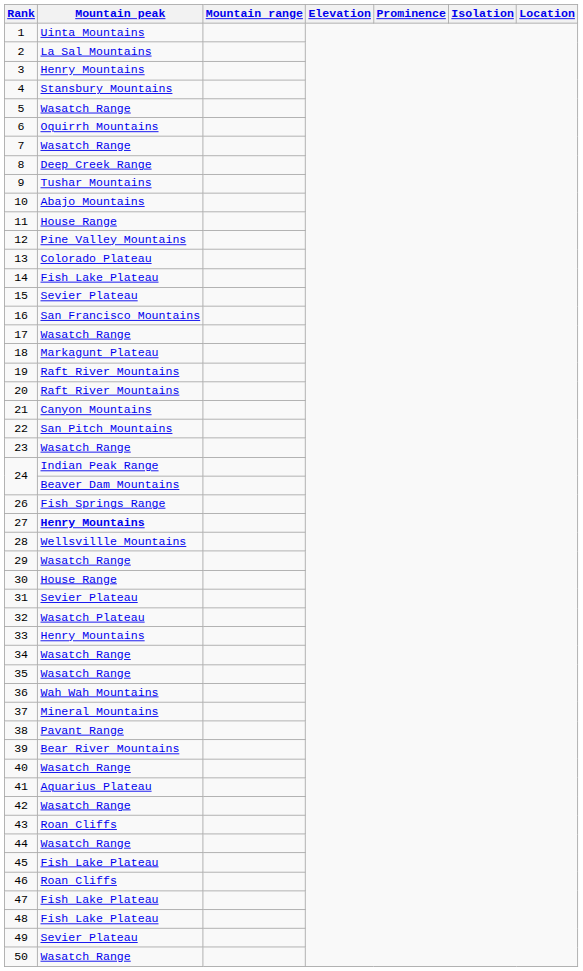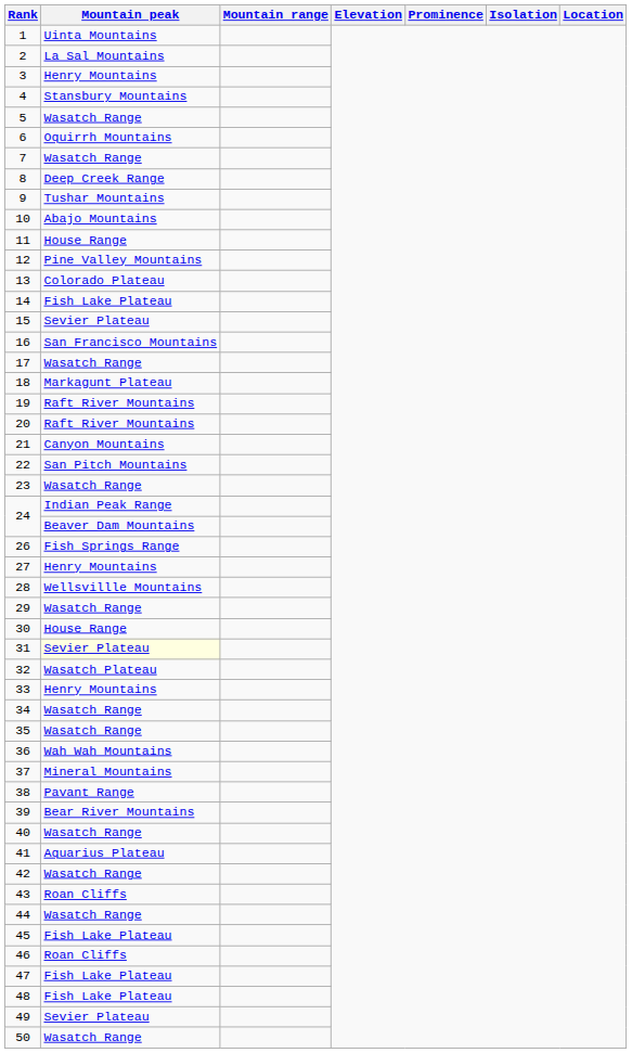 <table class="wikitable sortable">
 <tr>
 <th><a href='#'>Rank</a></th>
 <th><a href='#'>Mountain peak</a></th>
 <th><a href='#'>Mountain range</a></th>
 <th><a href='#'>Elevation</a></th>
 <th><a href='#'>Prominence</a></th>
 <th><a href='#'>Isolation</a></th>
 <th><a href='#'>Location</a></th>
 </tr>
 <tr>
 <td align=center>1<br></td>
 <td><a href='#'>Uinta Mountains</a><br></td>
 <td></td>
 </tr>
 <tr>
 <td align=center>2<br></td>
 <td><a href='#'>La Sal Mountains</a><br></td>
 <td></td>
 </tr>
 <tr>
 <td align=center>3<br></td>
 <td><a href='#'>Henry Mountains</a><br></td>
 <td></td>
 </tr>
 <tr>
 <td align=center>4<br></td>
 <td><a href='#'>Stansbury Mountains</a><br></td>
 <td></td>
 </tr>
 <tr>
 <td align=center>5<br></td>
 <td><a href='#'>Wasatch Range</a><br></td>
 <td></td>
 </tr>
 <tr>
 <td align=center>6<br></td>
 <td><a href='#'>Oquirrh Mountains</a><br></td>
 <td></td>
 </tr>
 <tr>
 <td align=center>7<br></td>
 <td><a href='#'>Wasatch Range</a><br></td>
 <td></td>
 </tr>
 <tr>
 <td align=center>8<br></td>
 <td><a href='#'>Deep Creek Range</a><br></td>
 <td></td>
 </tr>
 <tr>
 <td align=center>9<br></td>
 <td><a href='#'>Tushar Mountains</a><br></td>
 <td></td>
 </tr>
 <tr>
 <td align=center>10<br></td>
 <td><a href='#'>Abajo Mountains</a><br></td>
 <td></td>
 </tr>
 <tr>
 <td align=center>11<br></td>
 <td><a href='#'>House Range</a><br></td>
 <td></td>
 </tr>
 <tr>
 <td align=center>12<br></td>
 <td><a href='#'>Pine Valley Mountains</a><br></td>
 <td></td>
 </tr>
 <tr>
 <td align=center>13<br></td>
 <td><a href='#'>Colorado Plateau</a><br></td>
 <td></td>
 </tr>
 <tr>
 <td align=center>14<br></td>
 <td><a href='#'>Fish Lake Plateau</a><br></td>
 <td></td>
 </tr>
 <tr>
 <td align=center>15<br></td>
 <td><a href='#'>Sevier Plateau</a><br></td>
 <td></td>
 </tr>
 <tr>
 <td align=center>16<br></td>
 <td><a href='#'>San Francisco Mountains</a><br></td>
 <td></td>
 </tr>
 <tr>
 <td align=center>17<br></td>
 <td><a href='#'>Wasatch Range</a><br></td>
 <td></td>
 </tr>
 <tr>
 <td align=center>18<br></td>
 <td><a href='#'>Markagunt Plateau</a><br></td>
 <td></td>
 </tr>
 <tr>
 <td align=center>19<br></td>
 <td><a href='#'>Raft River Mountains</a><br></td>
 <td></td>
 </tr>
 <tr>
 <td align=center>20<br></td>
 <td><a href='#'>Raft River Mountains</a><br></td>
 <td></td>
 </tr>
 <tr>
 <td align=center>21<br></td>
 <td><a href='#'>Canyon Mountains</a><br></td>
 <td></td>
 </tr>
 <tr>
 <td align=center>22<br></td>
 <td><a href='#'>San Pitch Mountains</a><br></td>
 <td></td>
 </tr>
 <tr>
 <td align=center>23<br></td>
 <td><a href='#'>Wasatch Range</a><br></td>
 <td></td>
 </tr>
 <tr>
 <td align=center rowspan=2>24<br></td>
 <td><a href='#'>Indian Peak Range</a><br></td>
 <td></td>
 </tr>
 <tr>
 <td><a href='#'>Beaver Dam Mountains</a><br></td>
 <td></td>
 </tr>
 <tr>
 <td align=center>26<br></td>
 <td><a href='#'>Fish Springs Range</a><br></td>
 <td></td>
 </tr>
 <tr>
 <td align=center>27<br></td>
-<td><strong><a href='#'>Henry Mountains</a><br></strong></td>
+<td><a href='#'>Henry Mountains</a><br></td>
 <td></td>
 </tr>
 <tr>
 <td align=center>28<br></td>
 <td><a href='#'>Wellsvillle Mountains</a><br></td>
 <td></td>
 </tr>
 <tr>
 <td align=center>29<br></td>
 <td><a href='#'>Wasatch Range</a><br></td>
 <td></td>
 </tr>
 <tr>
 <td align=center>30<br></td>
 <td><a href='#'>House Range</a><br></td>
 <td></td>
 </tr>
 <tr>
 <td align=center>31<br></td>
-<td><a href='#'>Sevier Plateau</a><br></td>
+<td style="background: lightyellow;"><a href='#'>Sevier Plateau</a><br></td>
 <td></td>
 </tr>
 <tr>
 <td align=center>32<br></td>
 <td><a href='#'>Wasatch Plateau</a><br></td>
 <td></td>
 </tr>
 <tr>
 <td align=center>33<br></td>
 <td><a href='#'>Henry Mountains</a><br></td>
 <td></td>
 </tr>
 <tr>
 <td align=center>34<br></td>
 <td><a href='#'>Wasatch Range</a><br></td>
 <td></td>
 </tr>
 <tr>
 <td align=center>35<br></td>
 <td><a href='#'>Wasatch Range</a><br></td>
 <td></td>
 </tr>
 <tr>
 <td align=center>36<br></td>
 <td><a href='#'>Wah Wah Mountains</a><br></td>
 <td></td>
 </tr>
 <tr>
 <td align=center>37<br></td>
 <td><a href='#'>Mineral Mountains</a><br></td>
 <td></td>
 </tr>
 <tr>
 <td align=center>38<br></td>
 <td><a href='#'>Pavant Range</a><br></td>
 <td></td>
 </tr>
 <tr>
 <td align=center>39<br></td>
 <td><a href='#'>Bear River Mountains</a><br></td>
 <td></td>
 </tr>
 <tr>
 <td align=center>40<br></td>
 <td><a href='#'>Wasatch Range</a><br></td>
 <td></td>
 </tr>
 <tr>
 <td align=center>41<br></td>
 <td><a href='#'>Aquarius Plateau</a><br></td>
 <td></td>
 </tr>
 <tr>
 <td align=center>42<br></td>
 <td><a href='#'>Wasatch Range</a><br></td>
 <td></td>
 </tr>
 <tr>
 <td align=center>43<br></td>
 <td><a href='#'>Roan Cliffs</a><br></td>
 <td></td>
 </tr>
 <tr>
 <td align=center>44<br></td>
 <td><a href='#'>Wasatch Range</a><br></td>
 <td></td>
 </tr>
 <tr>
 <td align=center>45<br></td>
 <td><a href='#'>Fish Lake Plateau</a><br></td>
 <td></td>
 </tr>
 <tr>
 <td align=center>46<br></td>
 <td><a href='#'>Roan Cliffs</a><br></td>
 <td></td>
 </tr>
 <tr>
 <td align=center>47<br></td>
 <td><a href='#'>Fish Lake Plateau</a><br></td>
 <td></td>
 </tr>
 <tr>
 <td align=center>48<br></td>
 <td><a href='#'>Fish Lake Plateau</a><br></td>
 <td></td>
 </tr>
 <tr>
 <td align=center>49<br></td>
 <td><a href='#'>Sevier Plateau</a><br></td>
 <td></td>
 </tr>
 <tr>
 <td align=center>50<br></td>
 <td><a href='#'>Wasatch Range</a><br></td>
 <td></td>
 </tr>
 </table>
